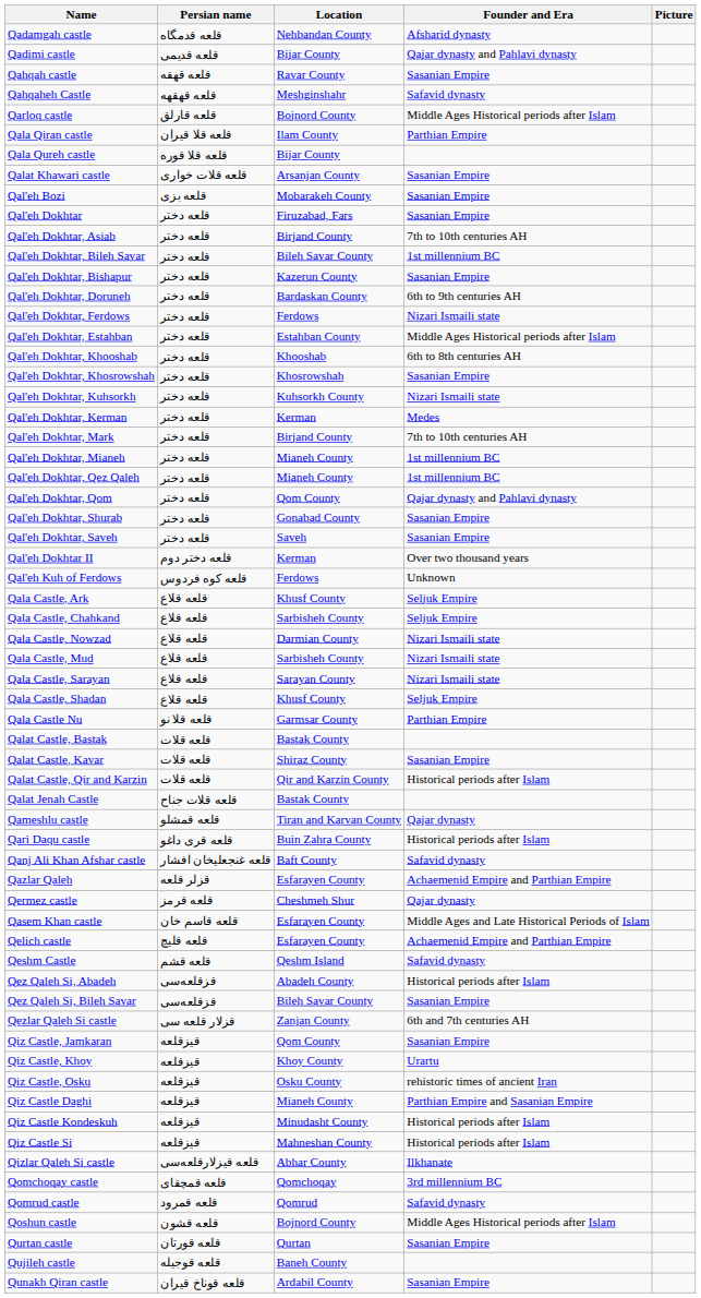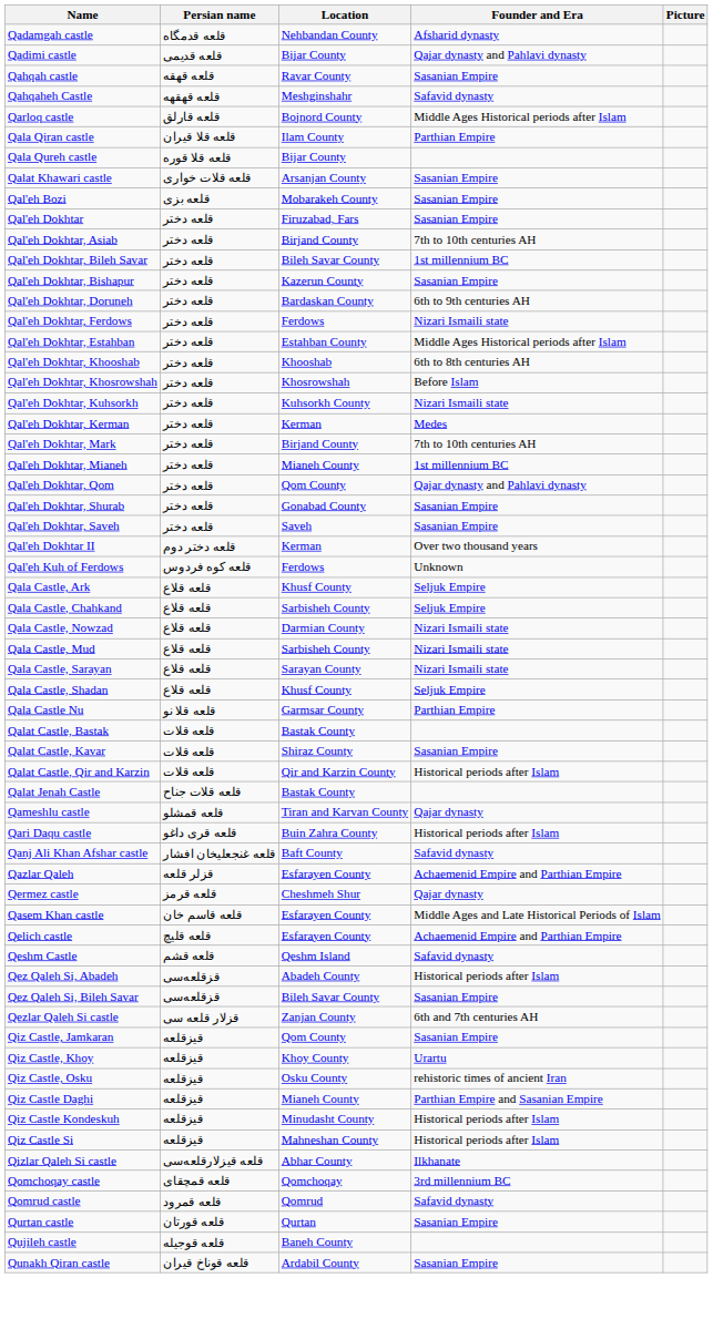 <table class="wikitable">
 <tr>
 <th>Name</th>
 <th>Persian name</th>
 <th>Location</th>
 <th>Founder and Era</th>
 <th>Picture</th>
 </tr>
 <tr>
 <td><a href='#'>Qadamgah castle</a></td>
 <td>قلعه قدمگاه</td>
 <td><a href='#'>Nehbandan County</a></td>
 <td><a href='#'>Afsharid dynasty</a></td>
 <td></td>
 </tr>
 <tr>
 <td><a href='#'>Qadimi castle</a></td>
 <td>قلعه قدیمی</td>
 <td><a href='#'>Bijar County</a></td>
 <td><a href='#'>Qajar dynasty</a> and <a href='#'>Pahlavi dynasty</a></td>
 <td></td>
 </tr>
 <tr>
 <td><a href='#'>Qahqah castle</a></td>
 <td>قلعه قهقه</td>
 <td><a href='#'>Ravar County</a></td>
 <td><a href='#'>Sasanian Empire</a></td>
 <td align="center"></td>
 </tr>
 <tr>
 <td><a href='#'>Qahqaheh Castle</a></td>
 <td>قلعه قهقهه</td>
 <td><a href='#'>Meshginshahr</a></td>
 <td><a href='#'>Safavid dynasty</a></td>
 <td align="center"></td>
 </tr>
 <tr>
 <td><a href='#'>Qarloq castle</a></td>
 <td>قلعه قارلق</td>
 <td><a href='#'>Bojnord County</a></td>
 <td>Middle Ages Historical periods after <a href='#'>Islam</a></td>
 <td></td>
 </tr>
 <tr>
 <td><a href='#'>Qala Qiran castle</a></td>
 <td>قلعه قلا قیران</td>
 <td><a href='#'>Ilam County</a></td>
 <td><a href='#'>Parthian Empire</a></td>
 <td></td>
 </tr>
 <tr>
 <td><a href='#'>Qala Qureh castle</a></td>
 <td>قلعه قلا قوره</td>
 <td><a href='#'>Bijar County</a></td>
 <td></td>
 <td></td>
 </tr>
 <tr>
 <td><a href='#'>Qalat Khawari castle</a></td>
 <td>قلعه قلات خواری</td>
 <td><a href='#'>Arsanjan County</a></td>
 <td><a href='#'>Sasanian Empire</a></td>
 <td></td>
 </tr>
 <tr>
 <td><a href='#'>Qal'eh Bozi</a></td>
 <td>قلعه بزی</td>
 <td><a href='#'>Mobarakeh County</a></td>
 <td><a href='#'>Sasanian Empire</a></td>
 <td align="center"></td>
 </tr>
 <tr>
 <td><a href='#'>Qal'eh Dokhtar</a></td>
 <td>قلعه دختر</td>
 <td><a href='#'>Firuzabad, Fars</a></td>
 <td><a href='#'>Sasanian Empire</a></td>
 <td align="center"></td>
 </tr>
 <tr>
 <td><a href='#'>Qal'eh Dokhtar, Asiab</a></td>
 <td>قلعه دختر</td>
 <td><a href='#'>Birjand County</a></td>
 <td>7th to 10th centuries AH</td>
 <td></td>
 </tr>
 <tr>
 <td><a href='#'>Qal'eh Dokhtar, Bileh Savar</a></td>
 <td>قلعه دختر</td>
 <td><a href='#'>Bileh Savar County</a></td>
 <td><a href='#'>1st millennium BC</a></td>
 <td></td>
 </tr>
 <tr>
 <td><a href='#'>Qal'eh Dokhtar, Bishapur</a></td>
 <td>قلعه دختر</td>
 <td><a href='#'>Kazerun County</a></td>
 <td><a href='#'>Sasanian Empire</a></td>
 <td></td>
 </tr>
 <tr>
 <td><a href='#'>Qal'eh Dokhtar, Doruneh</a></td>
 <td>قلعه دختر</td>
 <td><a href='#'>Bardaskan County</a></td>
 <td>6th to 9th centuries AH</td>
 <td></td>
 </tr>
 <tr>
 <td><a href='#'>Qal'eh Dokhtar, Ferdows</a></td>
 <td>قلعه دختر</td>
 <td><a href='#'>Ferdows</a></td>
 <td><a href='#'>Nizari Ismaili state</a></td>
 <td></td>
 </tr>
 <tr>
 <td><a href='#'>Qal'eh Dokhtar, Estahban</a></td>
 <td>قلعه دختر</td>
 <td><a href='#'>Estahban County</a></td>
 <td>Middle Ages Historical periods after <a href='#'>Islam</a></td>
 <td></td>
 </tr>
 <tr>
 <td><a href='#'>Qal'eh Dokhtar, Khooshab</a></td>
 <td>قلعه دختر</td>
 <td><a href='#'>Khooshab</a></td>
 <td>6th to 8th centuries AH</td>
 <td align="center"></td>
 </tr>
 <tr>
 <td><a href='#'>Qal'eh Dokhtar, Khosrowshah</a></td>
 <td>قلعه دختر</td>
 <td><a href='#'>Khosrowshah</a></td>
-<td><a href='#'>Sasanian Empire</a></td>
+<td>Before <a href='#'>Islam</a></td>
 <td></td>
 </tr>
 <tr>
 <td><a href='#'>Qal'eh Dokhtar, Kuhsorkh</a></td>
 <td>قلعه دختر</td>
 <td><a href='#'>Kuhsorkh County</a></td>
 <td><a href='#'>Nizari Ismaili state</a></td>
 <td align="center"></td>
 </tr>
 <tr>
 <td><a href='#'>Qal'eh Dokhtar, Kerman</a></td>
 <td>قلعه دختر</td>
 <td><a href='#'>Kerman</a></td>
 <td><a href='#'>Medes</a></td>
 <td align="center"></td>
 </tr>
 <tr>
 <td><a href='#'>Qal'eh Dokhtar, Mark</a></td>
 <td>قلعه دختر</td>
 <td><a href='#'>Birjand County</a></td>
 <td>7th to 10th centuries AH</td>
 <td></td>
 </tr>
 <tr>
 <td><a href='#'>Qal'eh Dokhtar, Mianeh</a></td>
-<td>قلعه دختر</td>
-<td><a href='#'>Mianeh County</a></td>
-<td><a href='#'>1st millennium BC</a></td>
-<td align="center"></td>
-</tr>
-<tr>
-<td><a href='#'>Qal'eh Dokhtar, Qez Qaleh</a></td>
 <td>قلعه دختر</td>
 <td><a href='#'>Mianeh County</a></td>
 <td><a href='#'>1st millennium BC</a></td>
 <td align="center"></td>
 </tr>
 <tr>
 <td><a href='#'>Qal'eh Dokhtar, Qom</a></td>
 <td>قلعه دختر</td>
 <td><a href='#'>Qom County</a></td>
 <td><a href='#'>Qajar dynasty</a> and <a href='#'>Pahlavi dynasty</a></td>
 <td align="center"></td>
 </tr>
 <tr>
 <td><a href='#'>Qal'eh Dokhtar, Shurab</a></td>
 <td>قلعه دختر</td>
 <td><a href='#'>Gonabad County</a></td>
 <td><a href='#'>Sasanian Empire</a></td>
 <td></td>
 </tr>
 <tr>
 <td><a href='#'>Qal'eh Dokhtar, Saveh</a></td>
 <td>قلعه دختر</td>
 <td><a href='#'>Saveh</a></td>
 <td><a href='#'>Sasanian Empire</a></td>
 <td align="center"></td>
 </tr>
 <tr>
 <td><a href='#'>Qal'eh Dokhtar II</a></td>
 <td>قلعه دختر دوم</td>
 <td><a href='#'>Kerman</a></td>
 <td>Over two thousand years</td>
 <td align="center"></td>
 </tr>
 <tr>
 <td><a href='#'>Qal'eh Kuh of Ferdows</a></td>
 <td>قلعه کوه فردوس</td>
 <td><a href='#'>Ferdows</a></td>
 <td>Unknown</td>
 <td align="center"></td>
 </tr>
 <tr>
 <td><a href='#'>Qala Castle, Ark</a></td>
 <td>قلعه قلاع</td>
 <td><a href='#'>Khusf County</a></td>
 <td><a href='#'>Seljuk Empire</a></td>
 <td></td>
 </tr>
 <tr>
 <td><a href='#'>Qala Castle, Chahkand</a></td>
 <td>قلعه قلاع</td>
 <td><a href='#'>Sarbisheh County</a></td>
 <td><a href='#'>Seljuk Empire</a></td>
 <td></td>
 </tr>
 <tr>
 <td><a href='#'>Qala Castle, Nowzad</a></td>
 <td>قلعه قلاع</td>
 <td><a href='#'>Darmian County</a></td>
 <td><a href='#'>Nizari Ismaili state</a></td>
 <td></td>
 </tr>
 <tr>
 <td><a href='#'>Qala Castle, Mud</a></td>
 <td>قلعه قلاع</td>
 <td><a href='#'>Sarbisheh County</a></td>
 <td><a href='#'>Nizari Ismaili state</a></td>
 <td></td>
 </tr>
 <tr>
 <td><a href='#'>Qala Castle, Sarayan</a></td>
 <td>قلعه قلاع</td>
 <td><a href='#'>Sarayan County</a></td>
 <td><a href='#'>Nizari Ismaili state</a></td>
 <td></td>
 </tr>
 <tr>
 <td><a href='#'>Qala Castle, Shadan</a></td>
 <td>قلعه قلاع</td>
 <td><a href='#'>Khusf County</a></td>
 <td><a href='#'>Seljuk Empire</a></td>
 <td></td>
 </tr>
 <tr>
 <td><a href='#'>Qala Castle Nu</a></td>
 <td>قلعه قلا نو</td>
 <td><a href='#'>Garmsar County</a></td>
 <td><a href='#'>Parthian Empire</a></td>
 <td></td>
 </tr>
 <tr>
 <td><a href='#'>Qalat Castle, Bastak</a></td>
 <td>قلعه قلات</td>
 <td><a href='#'>Bastak County</a></td>
 <td></td>
 <td></td>
 </tr>
 <tr>
 <td><a href='#'>Qalat Castle, Kavar</a></td>
 <td>قلعه قلات</td>
 <td><a href='#'>Shiraz County</a></td>
 <td><a href='#'>Sasanian Empire</a></td>
 <td></td>
 </tr>
 <tr>
 <td><a href='#'>Qalat Castle, Qir and Karzin</a></td>
 <td>قلعه قلات</td>
 <td><a href='#'>Qir and Karzin County</a></td>
 <td>Historical periods after <a href='#'>Islam</a></td>
 <td></td>
 </tr>
 <tr>
 <td><a href='#'>Qalat Jenah Castle</a></td>
 <td>قلعه قلات جناح</td>
 <td><a href='#'>Bastak County</a></td>
 <td></td>
 <td></td>
 </tr>
 <tr>
 <td><a href='#'>Qameshlu castle</a></td>
 <td>قلعه قمشلو</td>
 <td><a href='#'>Tiran and Karvan County</a></td>
 <td><a href='#'>Qajar dynasty</a></td>
 <td align="center"></td>
 </tr>
 <tr>
 <td><a href='#'>Qari Daqu castle</a></td>
 <td>قلعه قری داغو</td>
 <td><a href='#'>Buin Zahra County</a></td>
 <td>Historical periods after <a href='#'>Islam</a></td>
 <td></td>
 </tr>
 <tr>
 <td><a href='#'>Qanj Ali Khan Afshar castle</a></td>
 <td>قلعه غنجعلیخان افشار</td>
 <td><a href='#'>Baft County</a></td>
 <td><a href='#'>Safavid dynasty</a></td>
 <td align="center"></td>
 </tr>
 <tr>
 <td><a href='#'>Qazlar Qaleh</a></td>
 <td>قزلر قلعه</td>
 <td><a href='#'>Esfarayen County</a></td>
 <td><a href='#'>Achaemenid Empire</a> and <a href='#'>Parthian Empire</a></td>
 <td></td>
 </tr>
 <tr>
 <td><a href='#'>Qermez castle</a></td>
 <td>قلعه قرمز</td>
 <td><a href='#'>Cheshmeh Shur</a></td>
 <td><a href='#'>Qajar dynasty</a></td>
 <td align="center"></td>
 </tr>
 <tr>
 <td><a href='#'>Qasem Khan castle</a></td>
 <td>قلعه قاسم خان</td>
 <td><a href='#'>Esfarayen County</a></td>
 <td>Middle Ages and Late Historical Periods of <a href='#'>Islam</a></td>
 <td></td>
 </tr>
 <tr>
 <td><a href='#'>Qelich castle</a></td>
 <td>قلعه قلیچ</td>
 <td><a href='#'>Esfarayen County</a></td>
 <td><a href='#'>Achaemenid Empire</a> and <a href='#'>Parthian Empire</a></td>
 <td></td>
 </tr>
 <tr>
 <td><a href='#'>Qeshm Castle</a></td>
 <td>قلعه قشم</td>
 <td><a href='#'>Qeshm Island</a></td>
 <td><a href='#'>Safavid dynasty</a></td>
 <td align="center"></td>
 </tr>
 <tr>
 <td><a href='#'>Qez Qaleh Si, Abadeh</a></td>
 <td>قزقلعه‌سی</td>
 <td><a href='#'>Abadeh County</a></td>
 <td>Historical periods after <a href='#'>Islam</a></td>
 <td></td>
 </tr>
 <tr>
 <td><a href='#'>Qez Qaleh Si, Bileh Savar</a></td>
 <td>قزقلعه‌سی</td>
 <td><a href='#'>Bileh Savar County</a></td>
 <td><a href='#'>Sasanian Empire</a></td>
 <td></td>
 </tr>
 <tr>
 <td><a href='#'>Qezlar Qaleh Si castle</a></td>
 <td>قزلار قلعه سی</td>
 <td><a href='#'>Zanjan County</a></td>
 <td>6th and 7th centuries AH</td>
 <td></td>
 </tr>
 <tr>
 <td><a href='#'>Qiz Castle, Jamkaran</a></td>
 <td>قیزقلعه</td>
 <td><a href='#'>Qom County</a></td>
 <td><a href='#'>Sasanian Empire</a></td>
 <td></td>
 </tr>
 <tr>
 <td><a href='#'>Qiz Castle, Khoy</a></td>
 <td>قیزقلعه</td>
 <td><a href='#'>Khoy County</a></td>
 <td><a href='#'>Urartu</a></td>
 <td></td>
 </tr>
 <tr>
 <td><a href='#'>Qiz Castle, Osku</a></td>
 <td>قیزقلعه</td>
 <td><a href='#'>Osku County</a></td>
 <td>rehistoric times of ancient <a href='#'>Iran</a></td>
 <td></td>
 </tr>
 <tr>
 <td><a href='#'>Qiz Castle Daghi</a></td>
 <td>قیزقلعه</td>
 <td><a href='#'>Mianeh County</a></td>
 <td><a href='#'>Parthian Empire</a> and <a href='#'>Sasanian Empire</a></td>
 <td></td>
 </tr>
 <tr>
 <td><a href='#'>Qiz Castle Kondeskuh</a></td>
 <td>قیزقلعه</td>
 <td><a href='#'>Minudasht County</a></td>
 <td>Historical periods after <a href='#'>Islam</a></td>
 <td></td>
 </tr>
 <tr>
 <td><a href='#'>Qiz Castle Si</a></td>
 <td>قیزقلعه</td>
 <td><a href='#'>Mahneshan County</a></td>
 <td>Historical periods after <a href='#'>Islam</a></td>
 <td></td>
 </tr>
 <tr>
 <td><a href='#'>Qizlar Qaleh Si castle</a></td>
 <td>قلعه قیزلارقلعه‌سی</td>
 <td><a href='#'>Abhar County</a></td>
 <td><a href='#'>Ilkhanate</a></td>
 <td></td>
 </tr>
 <tr>
 <td><a href='#'>Qomchoqay castle</a></td>
 <td>قلعه قمچقای</td>
 <td><a href='#'>Qomchoqay</a></td>
 <td><a href='#'>3rd millennium BC</a></td>
 <td align="center"></td>
 </tr>
 <tr>
 <td><a href='#'>Qomrud castle</a></td>
 <td>قلعه قمرود</td>
 <td><a href='#'>Qomrud</a></td>
 <td><a href='#'>Safavid dynasty</a></td>
 <td align="center"></td>
 </tr>
 <tr>
-<td><a href='#'>Qoshun castle</a></td>
-<td>قلعه قشون</td>
-<td><a href='#'>Bojnord County</a></td>
-<td>Middle Ages Historical periods after <a href='#'>Islam</a></td>
-<td></td>
-</tr>
-<tr>
 <td><a href='#'>Qurtan castle</a></td>
 <td>قلعه قورتان</td>
 <td><a href='#'>Qurtan</a></td>
 <td><a href='#'>Sasanian Empire</a></td>
 <td align="center"></td>
 </tr>
 <tr>
 <td><a href='#'>Qujileh castle</a></td>
 <td>قلعه قوجیله</td>
 <td><a href='#'>Baneh County</a></td>
 <td></td>
 <td></td>
 </tr>
 <tr>
 <td><a href='#'>Qunakh Qiran castle</a></td>
 <td>قلعه قوناخ قیران</td>
 <td><a href='#'>Ardabil County</a></td>
 <td><a href='#'>Sasanian Empire</a></td>
 <td></td>
 </tr>
 </table>
